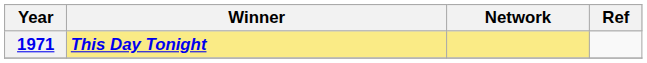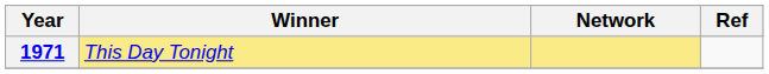 <table class="wikitable sortable">
 <tr style="background:#bebebe;">
 <th scope="col" style="width:1%;">Year</th>
 <th scope="col" style="width:16%;">Winner</th>
 <th scope="col" style="width:4%;">Network</th>
 <th scope="col" style="width:1%;" class="unsortable">Ref</th>
 </tr>
 <tr>
 <th scope="row" style="text-align:center"><a href='#'>1971</a></th>
-<td style="background:#FAEB86"><strong><em><a href='#'>This Day Tonight</a></em></strong></td>
+<td style="background:#FAEB86"><em><a href='#'>This Day Tonight</a></em></td>
 <td style="background:#FAEB86"></td>
 <td></td>
 </tr>
 <tr>
 </tr>
 </table>
